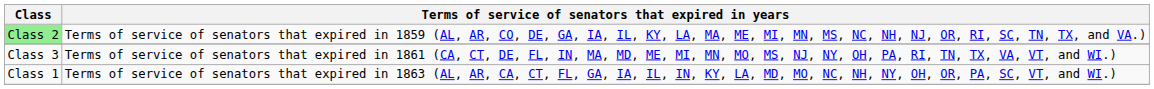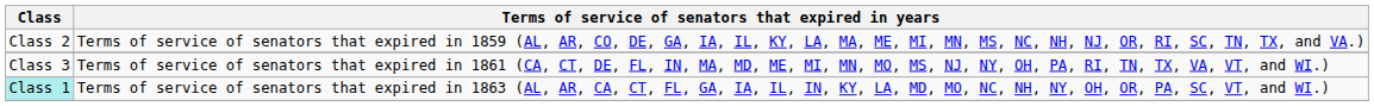 <table class="wikitable sortable">
 <tr valign=bottom>
 <th>Class</th>
 <th>Terms of service of senators that expired in years</th>
 </tr>
 <tr>
-<td style="background: lightgreen;">Class 2</td>
+<td>Class 2</td>
 <td>Terms of service of senators that expired in 1859 (<a href='#'>AL</a>, <a href='#'>AR</a>, <a href='#'>CO</a>, <a href='#'>DE</a>, <a href='#'>GA</a>, <a href='#'>IA</a>, <a href='#'>IL</a>, <a href='#'>KY</a>, <a href='#'>LA</a>, <a href='#'>MA</a>, <a href='#'>ME</a>, <a href='#'>MI</a>, <a href='#'>MN</a>, <a href='#'>MS</a>, <a href='#'>NC</a>, <a href='#'>NH</a>, <a href='#'>NJ</a>, <a href='#'>OR</a>, <a href='#'>RI</a>, <a href='#'>SC</a>, <a href='#'>TN</a>, <a href='#'>TX</a>, and <a href='#'>VA</a>.)</td>
 </tr>
 <tr>
 </tr>
 <tr>
 <td>Class 3</td>
 <td>Terms of service of senators that expired in 1861 (<a href='#'>CA</a>, <a href='#'>CT</a>, <a href='#'>DE</a>, <a href='#'>FL</a>, <a href='#'>IN</a>, <a href='#'>MA</a>, <a href='#'>MD</a>, <a href='#'>ME</a>,  <a href='#'>MI</a>, <a href='#'>MN</a>, <a href='#'>MO</a>, <a href='#'>MS</a>, <a href='#'>NJ</a>, <a href='#'>NY</a>, <a href='#'>OH</a>, <a href='#'>PA</a>, <a href='#'>RI</a>, <a href='#'>TN</a>, <a href='#'>TX</a>, <a href='#'>VA</a>, <a href='#'>VT</a>, and <a href='#'>WI</a>.)</td>
 </tr>
 <tr>
-<td>Class 1</td>
+<td style="background: paleturquoise;">Class 1</td>
 <td>Terms of service of senators that expired in 1863 (<a href='#'>AL</a>, <a href='#'>AR</a>, <a href='#'>CA</a>, <a href='#'>CT</a>, <a href='#'>FL</a>, <a href='#'>GA</a>, <a href='#'>IA</a>, <a href='#'>IL</a>, <a href='#'>IN</a>, <a href='#'>KY</a>, <a href='#'>LA</a>, <a href='#'>MD</a>, <a href='#'>MO</a>, <a href='#'>NC</a>, <a href='#'>NH</a>, <a href='#'>NY</a>, <a href='#'>OH</a>, <a href='#'>OR</a>, <a href='#'>PA</a>, <a href='#'>SC</a>, <a href='#'>VT</a>, and <a href='#'>WI</a>.)</td>
 </tr>
 <tr>
 </tr>
 </table>
